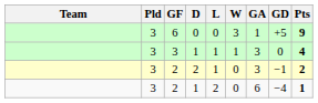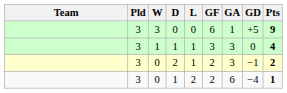 <table class="wikitable" style="text-align:center;">
 <tr>
 <th width=180>Team</th>
 <th width=20>Pld</th>
-<th width=20>GF</th>
+<th width=20>W</th>
 <th width=20>D</th>
 <th width=20>L</th>
-<th width=20>W</th>
+<th width=20>GF</th>
 <th width=20>GA</th>
 <th width=20>GD</th>
 <th width=20>Pts</th>
 </tr>
 <tr align=center style="background:#ccffcc;">
 <td style="text-align:left;"></td>
 <td>3</td>
-<td>6</td>
+<td>3</td>
 <td>0</td>
 <td>0</td>
-<td>3</td>
+<td>6</td>
 <td>1</td>
 <td>+5</td>
 <td><strong>9</strong></td>
 </tr>
 <tr align=center style="background:#ccffcc;">
 <td style="text-align:left;"></td>
 <td>3</td>
-<td>3</td>
 <td>1</td>
 <td>1</td>
 <td>1</td>
+<td>3</td>
 <td>3</td>
 <td>0</td>
 <td><strong>4</strong></td>
 </tr>
 <tr align=center style="background:#ffffcc;">
 <td style="text-align:left;"></td>
 <td>3</td>
-<td>2</td>
+<td>0</td>
 <td>2</td>
 <td>1</td>
-<td>0</td>
+<td>2</td>
 <td>3</td>
 <td>−1</td>
 <td><strong>2</strong></td>
 </tr>
 <tr align=center>
 <td style="text-align:left;"></td>
 <td>3</td>
-<td>2</td>
+<td>0</td>
 <td>1</td>
 <td>2</td>
-<td>0</td>
+<td>2</td>
 <td>6</td>
 <td>−4</td>
 <td><strong>1</strong></td>
 </tr>
 </table>
